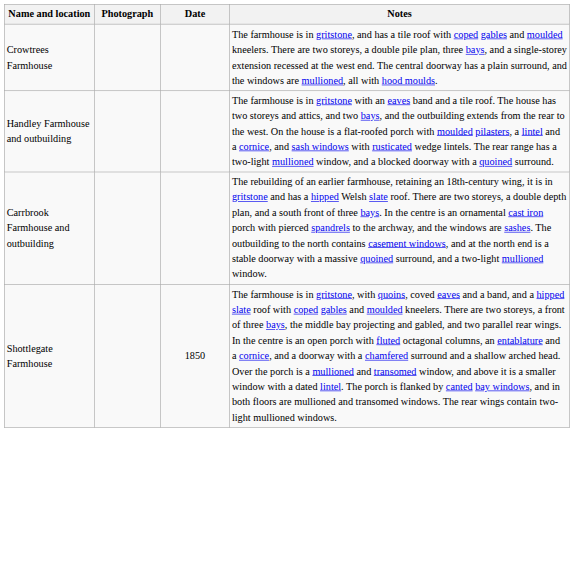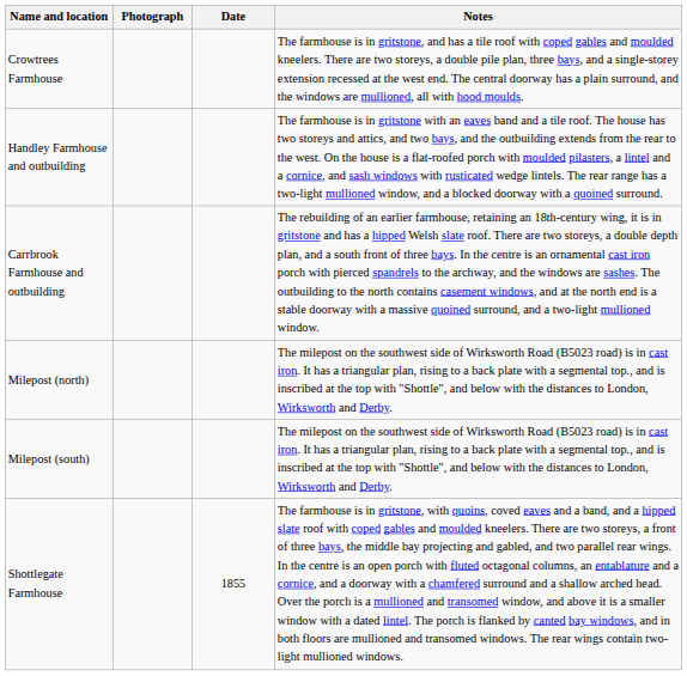 <table class="wikitable sortable plainrowheaders" style="width:100%;border:0px;text-align:left;line-height:150%;">
 <tr>
 <th scope="col"  style="width:150px">Name and location</th>
 <th scope="col"  style="width:100px" class="unsortable">Photograph</th>
 <th scope="col"  style="width:120px">Date</th>
 <th scope="col"  style="width:650px" class="unsortable">Notes</th>
 </tr>
 <tr>
 <td>Crowtrees Farmhouse<br><small></small></td>
 <td></td>
 <td align="center"></td>
 <td>The farmhouse is in <a href='#'>gritstone</a>, and has a tile roof with <a href='#'>coped</a> <a href='#'>gables</a> and <a href='#'>moulded</a> kneelers.  There are two storeys, a double pile plan, three <a href='#'>bays</a>, and a single-storey extension recessed at the west end.  The central doorway has a plain surround, and the windows are <a href='#'>mullioned</a>, all with <a href='#'>hood moulds</a>.</td>
 </tr>
 <tr>
 <td>Handley Farmhouse and outbuilding<br><small></small></td>
 <td></td>
 <td align="center"></td>
 <td>The farmhouse is in <a href='#'>gritstone</a> with an <a href='#'>eaves</a> band and a tile roof.  The house has two storeys and attics, and two <a href='#'>bays</a>, and the outbuilding extends from the rear to the west. On the house is a flat-roofed porch with <a href='#'>moulded</a> <a href='#'>pilasters</a>, a <a href='#'>lintel</a> and a <a href='#'>cornice</a>, and <a href='#'>sash windows</a> with <a href='#'>rusticated</a> wedge lintels.  The rear range has a two-light <a href='#'>mullioned</a> window, and a blocked doorway with a <a href='#'>quoined</a> surround.</td>
 </tr>
 <tr>
 <td>Carrbrook Farmhouse and outbuilding<br><small></small></td>
 <td></td>
 <td align="center"></td>
 <td>The rebuilding of an earlier farmhouse, retaining an 18th-century wing, it is in <a href='#'>gritstone</a> and has a <a href='#'>hipped</a> Welsh <a href='#'>slate</a> roof.  There are two storeys, a double depth plan, and a south front of three <a href='#'>bays</a>.  In the centre is an ornamental <a href='#'>cast iron</a> porch with pierced <a href='#'>spandrels</a> to the archway, and the windows are <a href='#'>sashes</a>.  The outbuilding to the north contains <a href='#'>casement windows</a>, and at the north end is a stable doorway with a massive <a href='#'>quoined</a> surround, and a two-light <a href='#'>mullioned</a> window.</td>
 </tr>
 <tr>
+<td>Milepost (north)<br><small></small></td>
+<td></td>
+<td align="center"></td>
+<td>The milepost on the southwest side of Wirksworth Road (B5023 road) is in <a href='#'>cast iron</a>.  It has a triangular plan, rising to a back plate with a segmental top., and is inscribed at the top with "Shottle", and below with the distances to London, <a href='#'>Wirksworth</a> and <a href='#'>Derby</a>.</td>
+</tr>
+<tr>
+<td>Milepost (south)<br><small></small></td>
+<td></td>
+<td align="center"></td>
+<td>The milepost on the southwest side of Wirksworth Road (B5023 road) is in <a href='#'>cast iron</a>.  It has a triangular plan, rising to a back plate with a segmental top., and is inscribed at the top with "Shottle", and below with the distances to London, <a href='#'>Wirksworth</a> and <a href='#'>Derby</a>.</td>
+</tr>
+<tr>
 <td>Shottlegate Farmhouse<br><small></small></td>
 <td></td>
-<td align="center">1850</td>
+<td align="center">1855</td>
 <td>The farmhouse is in <a href='#'>gritstone</a>, with <a href='#'>quoins</a>, coved <a href='#'>eaves</a> and a band, and a <a href='#'>hipped</a> <a href='#'>slate</a> roof with <a href='#'>coped</a> <a href='#'>gables</a> and <a href='#'>moulded</a> kneelers.  There are two storeys, a front of three <a href='#'>bays</a>, the middle bay projecting and gabled, and two parallel rear wings.  In the centre is an open porch with <a href='#'>fluted</a> octagonal columns, an <a href='#'>entablature</a> and a <a href='#'>cornice</a>, and a doorway with a <a href='#'>chamfered</a> surround and a shallow arched head.  Over the porch is a <a href='#'>mullioned</a> and <a href='#'>transomed</a> window, and above it is a smaller window with a dated <a href='#'>lintel</a>.  The porch is flanked by <a href='#'>canted</a> <a href='#'>bay windows</a>, and in both floors are mullioned and transomed windows.  The rear wings contain two-light mullioned windows.</td>
 </tr>
 <tr>
 </tr>
 </table>
